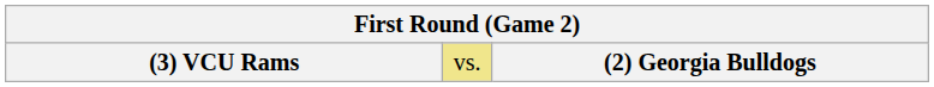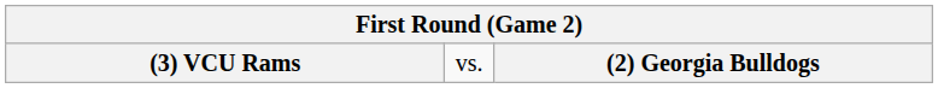 <table class="wikitable">
 <tr>
 <th style="width: 594px;" colspan=3>First Round (Game 2)</th>
 </tr>
 <tr>
 <th style="width: 284px; ">(3) VCU Rams</th>
-<td style="background: khaki; width: 25px; text-align:center">vs.</td>
+<td style="width: 25px; text-align:center">vs.</td>
 <th style="width: 284px; ">(2) Georgia Bulldogs</th>
 </tr>
 </table>
